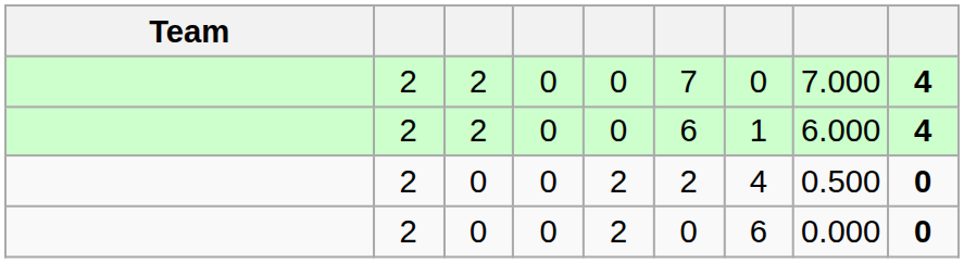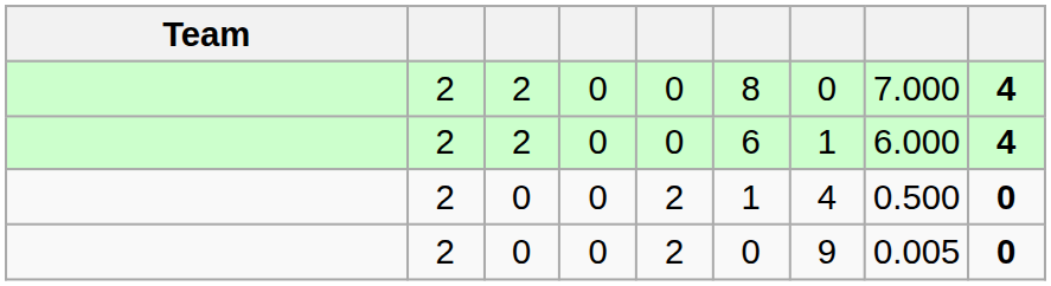 <table class="wikitable" style="text-align: center; font-size:90% ">
 <tr>
 <th width=160>Team</th>
 <th width=25></th>
 <th width=25></th>
 <th width=25></th>
 <th width=25></th>
 <th width=25></th>
 <th width=25></th>
 <th width=35></th>
 <th width=25></th>
 </tr>
 <tr bgcolor=ccffcc>
 <td align=left></td>
 <td>2</td>
 <td>2</td>
 <td>0</td>
 <td>0</td>
-<td>7</td>
+<td>8</td>
 <td>0</td>
 <td>7.000</td>
 <td><strong>4</strong></td>
 </tr>
 <tr bgcolor=ccffcc>
 <td align=left></td>
 <td>2</td>
 <td>2</td>
 <td>0</td>
 <td>0</td>
 <td>6</td>
 <td>1</td>
 <td>6.000</td>
 <td><strong>4</strong></td>
 </tr>
 <tr>
 <td align=left></td>
 <td>2</td>
 <td>0</td>
 <td>0</td>
 <td>2</td>
-<td>2</td>
+<td>1</td>
 <td>4</td>
 <td>0.500</td>
 <td><strong>0</strong></td>
 </tr>
 <tr>
 <td align=left></td>
 <td>2</td>
 <td>0</td>
 <td>0</td>
 <td>2</td>
 <td>0</td>
-<td>6</td>
-<td>0.000</td>
+<td>9</td>
+<td>0.005</td>
 <td><strong>0</strong></td>
 </tr>
 </table>
